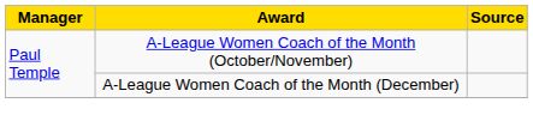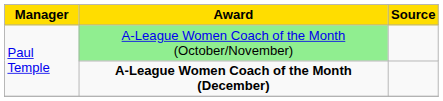 <table class="wikitable" style="text-align:center; width:60%;">
 <tr>
 <th scope="col" style="background:#ffdd00; color:black">Manager</th>
 <th scope="col" style="background:#ffdd00; color:black">Award</th>
 <th scope="col" style="background:#ffdd00; color:black">Source</th>
 </tr>
 <tr>
 <td align="left" rowspan=2> <a href='#'>Paul Temple</a></td>
-<td><a href='#'>A-League Women Coach of the Month</a> (October/November)</td>
+<td style="background: lightgreen;"><a href='#'>A-League Women Coach of the Month</a> (October/November)</td>
 <td></td>
 </tr>
 <tr>
-<td>A-League Women Coach of the Month (December)</td>
+<td><strong>A-League Women Coach of the Month (December)</strong></td>
 <td></td>
 </tr>
 <tr>
 </tr>
 </table>
